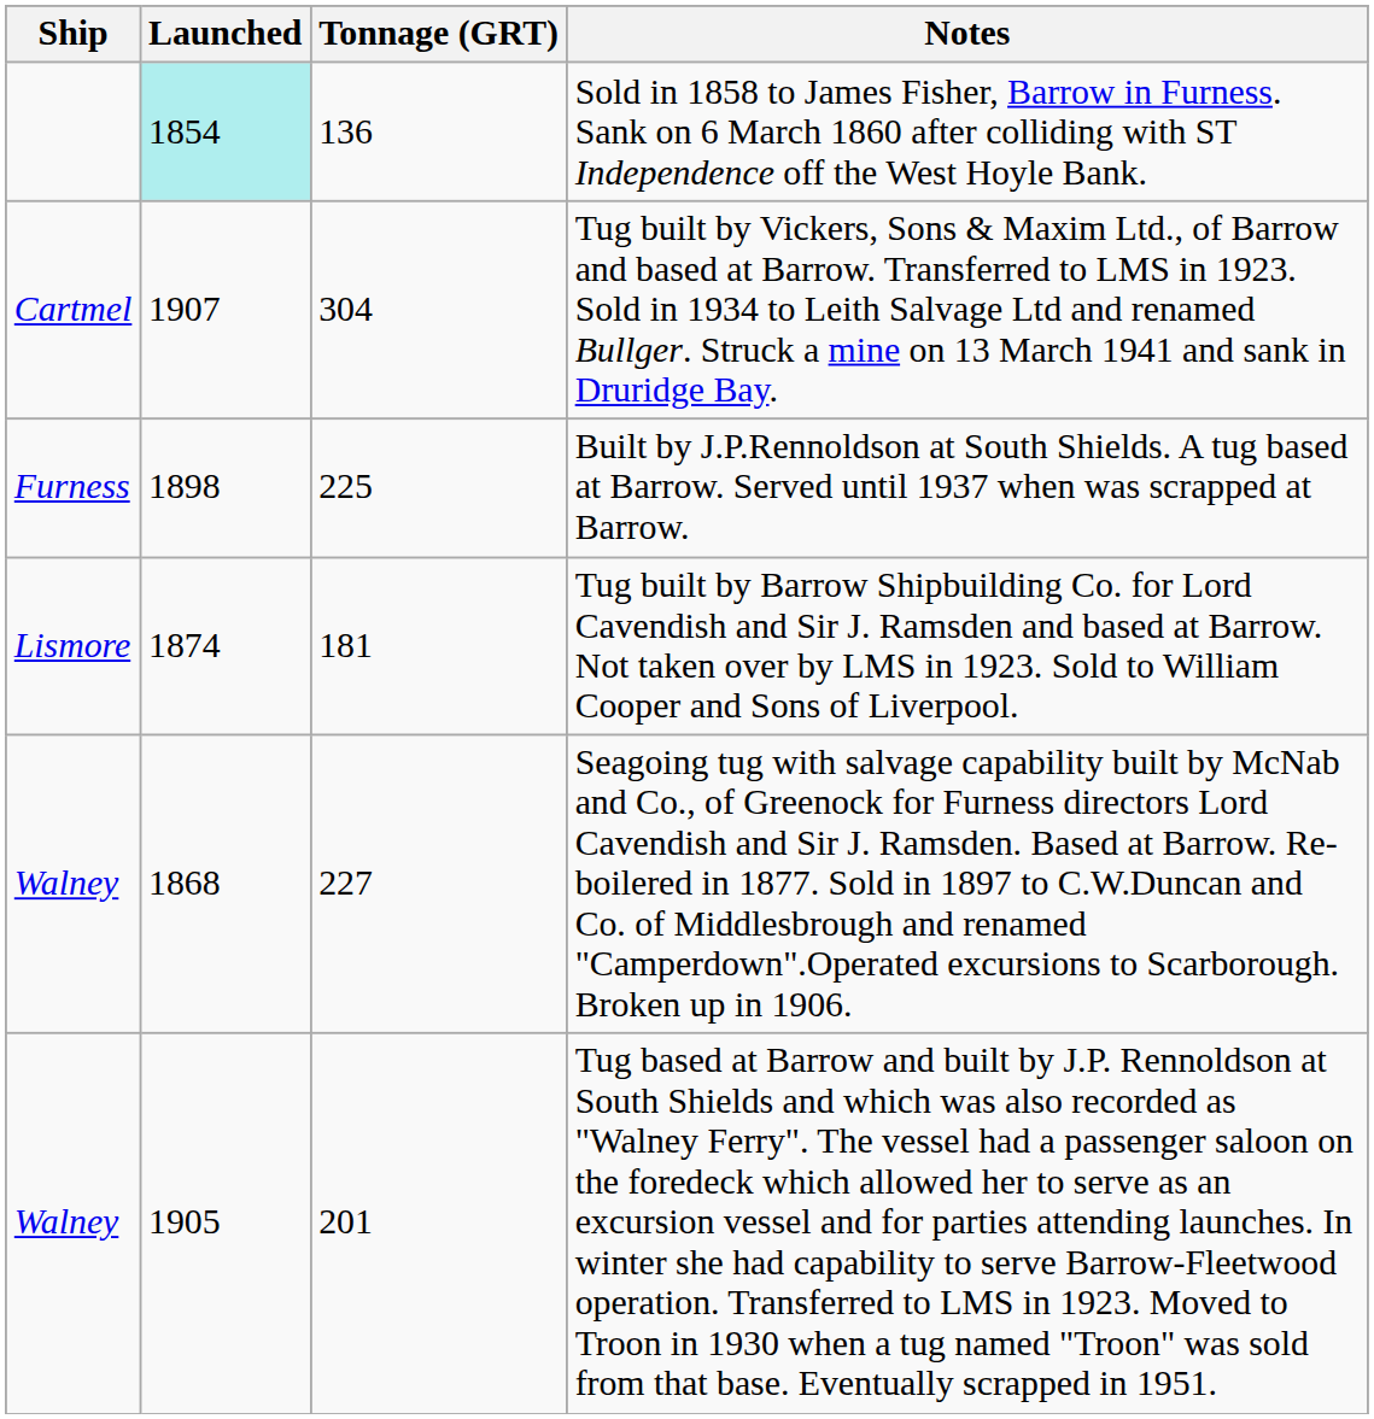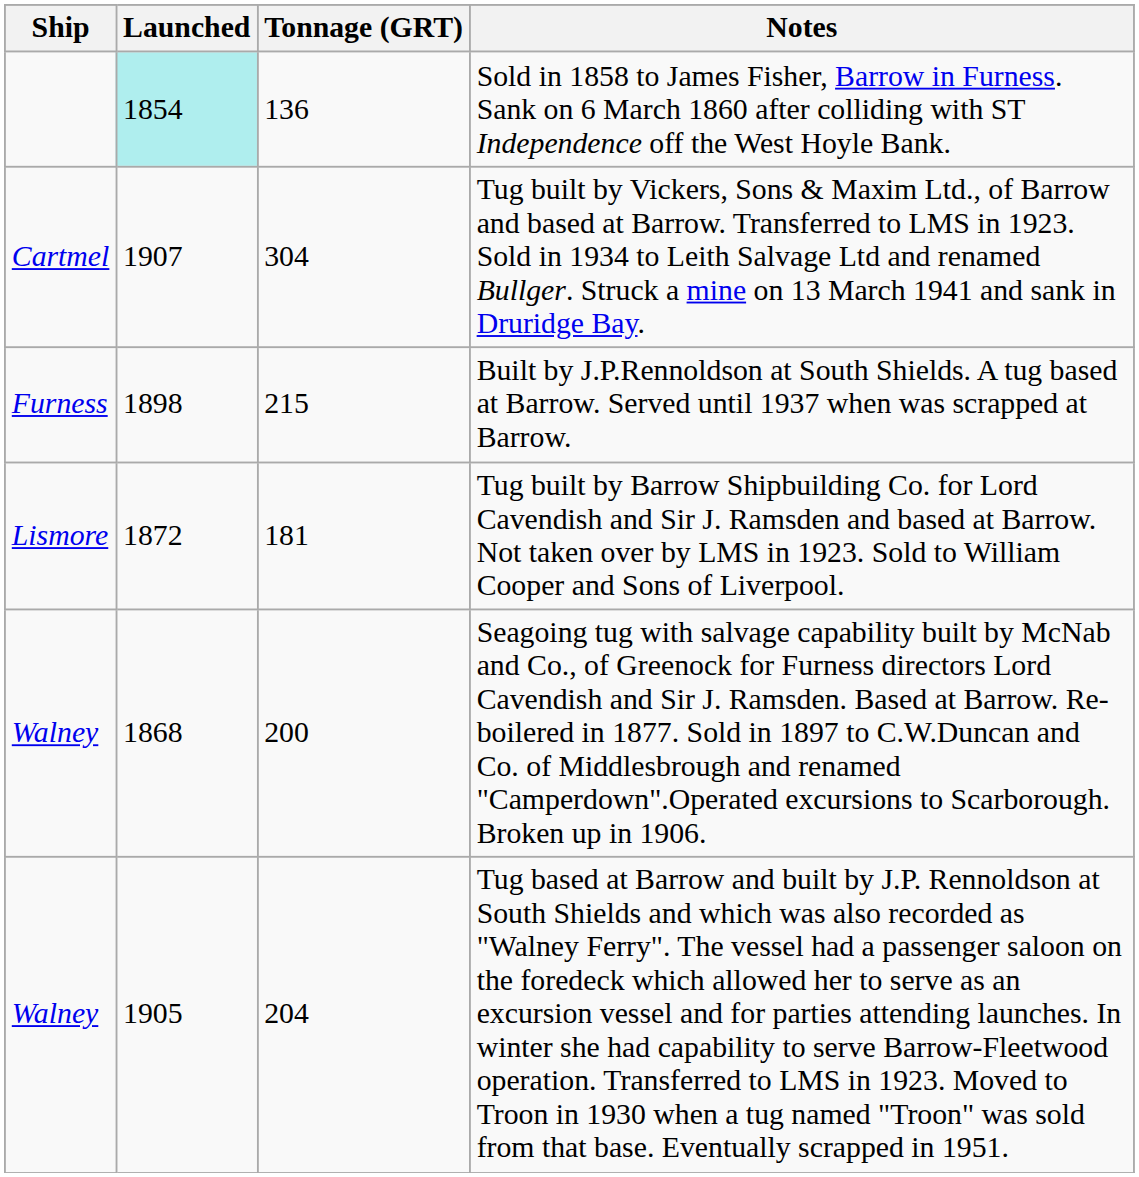 <table class="wikitable">
 <tr>
 <th>Ship</th>
 <th>Launched</th>
 <th>Tonnage (GRT)</th>
 <th>Notes</th>
 </tr>
 <tr>
 <td></td>
 <td style="background: paleturquoise;">1854</td>
 <td>136</td>
 <td>Sold in 1858 to James Fisher, <a href='#'>Barrow in Furness</a>. Sank on 6 March 1860 after colliding with ST <em>Independence</em> off the West Hoyle Bank.</td>
 </tr>
 <tr>
 <td><a href='#'><em>Cartmel</em></a></td>
 <td>1907</td>
 <td>304</td>
 <td>Tug built by Vickers, Sons & Maxim Ltd., of Barrow and based at Barrow. Transferred to LMS in 1923. Sold in 1934 to Leith Salvage Ltd and renamed <em>Bullger</em>. Struck a <a href='#'>mine</a> on 13 March 1941 and sank in <a href='#'>Druridge Bay</a>.</td>
 </tr>
 <tr>
 <td><a href='#'><em>Furness</em></a></td>
 <td>1898</td>
-<td>225</td>
+<td>215</td>
 <td>Built by J.P.Rennoldson at South Shields.  A tug based at Barrow. Served until 1937 when was scrapped at Barrow.</td>
 </tr>
 <tr>
 <td><a href='#'><em>Lismore</em></a></td>
-<td>1874</td>
+<td>1872</td>
 <td>181</td>
 <td>Tug built by Barrow Shipbuilding Co. for Lord Cavendish and Sir J. Ramsden and based at Barrow. Not taken over by LMS in 1923. Sold to William Cooper and Sons of Liverpool.</td>
 </tr>
 <tr>
 <td><a href='#'><em>Walney</em></a></td>
 <td>1868</td>
-<td>227</td>
+<td>200</td>
 <td>Seagoing tug with salvage capability built by McNab and Co., of Greenock for Furness directors Lord Cavendish and Sir J. Ramsden. Based at Barrow. Re-boilered in 1877. Sold in 1897 to C.W.Duncan  and Co. of Middlesbrough and renamed "Camperdown".Operated excursions to Scarborough.  Broken up in 1906.</td>
 </tr>
 <tr>
 <td><a href='#'><em>Walney</em></a></td>
 <td>1905</td>
-<td>201</td>
+<td>204</td>
 <td>Tug based at Barrow and built by J.P. Rennoldson at South Shields and which was also recorded as "Walney Ferry". The vessel had a passenger saloon on the foredeck which allowed her to serve as an excursion vessel and for parties attending launches. In winter she had capability to serve Barrow-Fleetwood operation. Transferred to LMS in 1923. Moved to Troon in 1930 when a tug named "Troon" was sold from that base.  Eventually scrapped in 1951.</td>
 </tr>
 </table>
